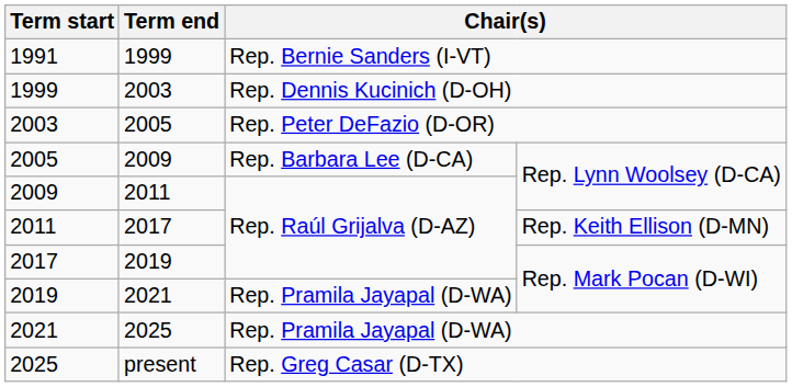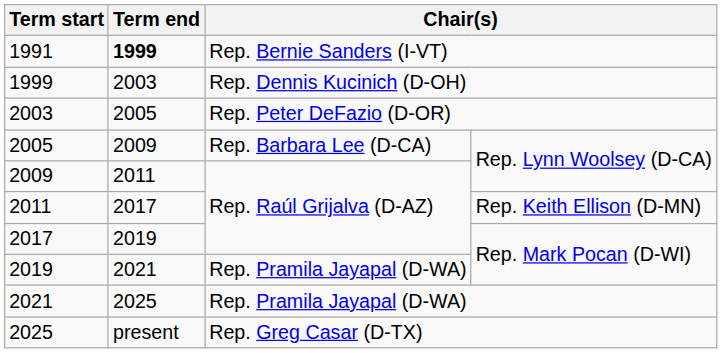 <table class="wikitable">
 <tr>
 <th>Term start</th>
 <th>Term end</th>
 <th colspan=2>Chair(s)</th>
 </tr>
 <tr>
 <td>1991</td>
-<td>1999</td>
+<td><strong>1999</strong></td>
 <td colspan=2><div>Rep. <a href='#'>Bernie Sanders</a> (I-VT)</div></td>
 </tr>
 <tr>
 <td>1999</td>
 <td>2003</td>
 <td colspan=2><div>Rep. <a href='#'>Dennis Kucinich</a> (D-OH)</div></td>
 </tr>
 <tr>
 <td>2003</td>
 <td>2005</td>
 <td colspan=2><div>Rep. <a href='#'>Peter DeFazio</a> (D-OR)</div></td>
 </tr>
 <tr>
 <td>2005</td>
 <td>2009</td>
 <td>Rep. <a href='#'>Barbara Lee</a> (D-CA)</td>
 <td rowspan=2>Rep. <a href='#'>Lynn Woolsey</a> (D-CA)</td>
 </tr>
 <tr>
 <td>2009</td>
 <td>2011</td>
 <td rowspan=3>Rep. <a href='#'>Raúl Grijalva</a> (D-AZ)</td>
 </tr>
 <tr>
 <td>2011</td>
 <td>2017</td>
 <td>Rep. <a href='#'>Keith Ellison</a> (D-MN)</td>
 </tr>
 <tr>
 <td>2017</td>
 <td>2019</td>
 <td rowspan=2>Rep. <a href='#'>Mark Pocan</a> (D-WI)</td>
 </tr>
 <tr>
 <td>2019</td>
 <td>2021</td>
 <td>Rep. <a href='#'>Pramila Jayapal</a> (D-WA)</td>
 </tr>
 <tr>
 <td>2021</td>
 <td>2025</td>
 <td colspan=2><div>Rep. <a href='#'>Pramila Jayapal</a> (D-WA)</div></td>
 </tr>
 <tr>
 <td>2025</td>
 <td>present</td>
 <td colspan=2><div>Rep. <a href='#'>Greg Casar</a> (D-TX)</div></td>
 </tr>
 </table>
